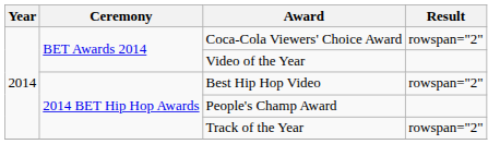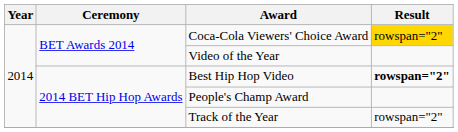 <table class="wikitable">
 <tr>
 <th>Year</th>
 <th>Ceremony</th>
 <th>Award</th>
 <th>Result</th>
 </tr>
 <tr>
 <td rowspan="5">2014</td>
 <td rowspan="2"><a href='#'>BET Awards 2014</a></td>
 <td>Coca-Cola Viewers' Choice Award</td>
-<td>rowspan="2" </td>
+<td style="background: gold;">rowspan="2" </td>
 </tr>
 <tr>
 <td>Video of the Year</td>
 </tr>
 <tr>
 <td rowspan="3"><a href='#'>2014 BET Hip Hop Awards</a></td>
 <td>Best Hip Hop Video</td>
-<td>rowspan="2" </td>
+<td><strong>rowspan="2" </strong></td>
 </tr>
 <tr>
 <td>People's Champ Award</td>
 </tr>
 <tr>
 <td>Track of the Year</td>
 <td>rowspan="2" </td>
 </tr>
 <tr>
 </tr>
 </table>
